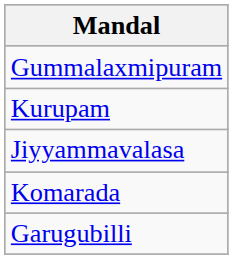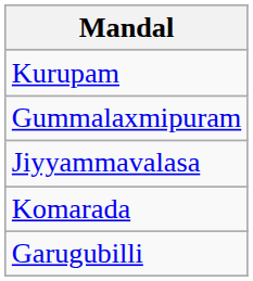 <table class="wikitable sortable static-row-numbers static-row-header-hash">
 <tr>
 <th>Mandal</th>
 </tr>
 <tr>
-<td><a href='#'>Gummalaxmipuram</a></td>
+<td><a href='#'>Kurupam</a></td>
 </tr>
 <tr>
-<td><a href='#'>Kurupam</a></td>
+<td><a href='#'>Gummalaxmipuram</a></td>
 </tr>
 <tr>
 <td><a href='#'>Jiyyammavalasa</a></td>
 </tr>
 <tr>
 <td><a href='#'>Komarada</a></td>
 </tr>
 <tr>
 <td><a href='#'>Garugubilli</a></td>
 </tr>
 </table>
